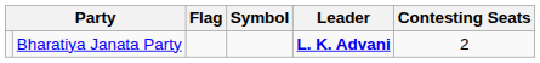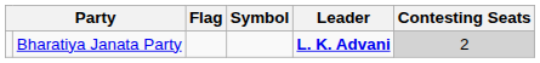 <table class="wikitable" style="text-align:center">
 <tr>
 <th colspan="2">Party</th>
 <th>Flag</th>
 <th>Symbol</th>
 <th>Leader</th>
 <th>Contesting Seats</th>
 </tr>
 <tr>
 <td></td>
 <td><a href='#'>Bharatiya Janata Party</a></td>
 <td></td>
 <td></td>
 <td><strong><a href='#'>L. K. Advani</a></strong></td>
-<td>2</td>
+<td style="background: lightgrey;">2</td>
 </tr>
 </table>
